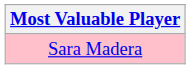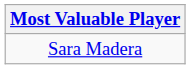 <table class=wikitable style="text-align:center; margin:auto">
 <tr>
 <th><a href='#'>Most Valuable Player</a></th>
 </tr>
 <tr>
-<td style="background: pink;"> <a href='#'>Sara Madera</a></td>
+<td> <a href='#'>Sara Madera</a></td>
 </tr>
 </table>
